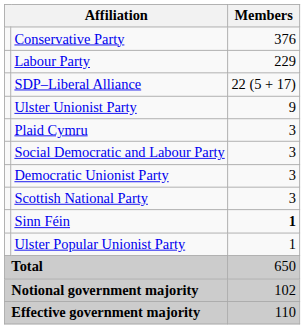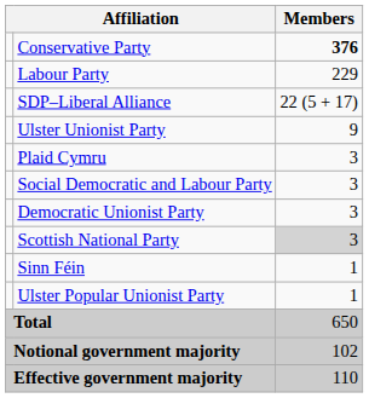 <table class="wikitable">
 <tr>
 <th colspan="2">Affiliation</th>
 <th>Members</th>
 </tr>
 <tr>
 <td style="color:inherit;background:"></td>
 <td><a href='#'>Conservative Party</a></td>
-<td align="right">376</td>
+<td align="right"><strong>376</strong></td>
 </tr>
 <tr>
 <td style="color:inherit;background:"></td>
 <td><a href='#'>Labour Party</a></td>
 <td align="right">229</td>
 </tr>
 <tr>
 <td style="color:inherit;background:"></td>
 <td><a href='#'>SDP–Liberal Alliance</a></td>
 <td align="right">22 (5 + 17)</td>
 </tr>
 <tr>
 <td style="color:inherit;background:"></td>
 <td><a href='#'>Ulster Unionist Party</a></td>
 <td align="right">9</td>
 </tr>
 <tr>
 <td style="color:inherit;background:"></td>
 <td><a href='#'>Plaid Cymru</a></td>
 <td align="right">3</td>
 </tr>
 <tr>
 <td style="color:inherit;background:"></td>
 <td><a href='#'>Social Democratic and Labour Party</a></td>
 <td align="right">3</td>
 </tr>
 <tr>
 <td style="color:inherit;background:"></td>
 <td><a href='#'>Democratic Unionist Party</a></td>
 <td align="right">3</td>
 </tr>
 <tr>
 <td style="color:inherit;background:"></td>
 <td><a href='#'>Scottish National Party</a></td>
-<td align="right">3</td>
+<td align="right" style="background: lightgrey;">3</td>
 </tr>
 <tr>
 <td style="color:inherit;background:"></td>
 <td><a href='#'>Sinn Féin</a></td>
-<td align="right"><strong>1</strong></td>
+<td align="right">1</td>
 </tr>
 <tr>
 <td style="color:inherit;background:"></td>
 <td><a href='#'>Ulster Popular Unionist Party</a></td>
 <td align="right">1</td>
 </tr>
 <tr bgcolor="CCCCCC">
 <td colspan="2" rowspan="1"> <strong>Total</strong></td>
 <td align="right">650</td>
 </tr>
 <tr bgcolor="CCCCCC">
 <td colspan="2" rowspan="1"> <strong>Notional government majority</strong></td>
 <td align="right">102</td>
 </tr>
 <tr bgcolor="CCCCCC">
 <td colspan="2" rowspan="1"> <strong>Effective government majority</strong></td>
 <td align="right">110</td>
 </tr>
 </table>
